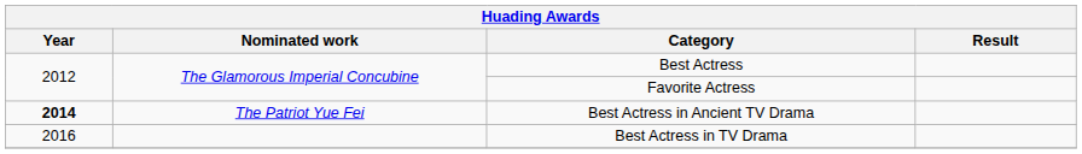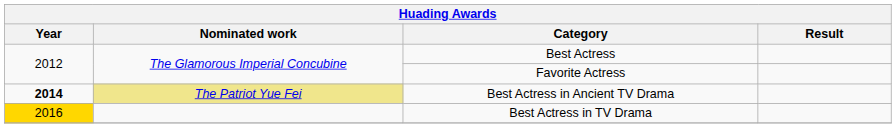 <table width="90%" class="wikitable">
 <tr>
 <th colspan="5" align="center"><a href='#'>Huading Awards</a></th>
 </tr>
 <tr>
 <th width="10%">Year</th>
 <th width="35%">Nominated work</th>
 <th width="40%">Category</th>
 <th width="15%">Result</th>
 </tr>
 <tr>
 <td align="center" rowspan="2">2012</td>
 <td align="center" rowspan="2"><em><a href='#'>The Glamorous Imperial Concubine</a></em></td>
 <td align="center">Best Actress</td>
 <td></td>
 </tr>
 <tr>
 <td align="center">Favorite Actress</td>
 <td></td>
 </tr>
 <tr>
 <td align="center" rowspan="1"><strong>2014</strong></td>
-<td align="center"><em><a href='#'>The Patriot Yue Fei</a></em></td>
+<td align="center" style="background: khaki;"><em><a href='#'>The Patriot Yue Fei</a></em></td>
 <td align="center">Best Actress in Ancient TV Drama</td>
 <td></td>
 </tr>
 <tr>
-<td align="center" rowspan="1">2016</td>
+<td align="center" rowspan="1" style="background: gold;">2016</td>
 <td align="center"></td>
 <td align="center">Best Actress in TV Drama</td>
 <td></td>
 </tr>
 <tr>
 </tr>
 </table>
